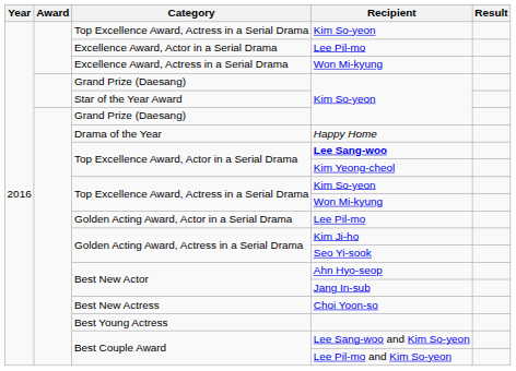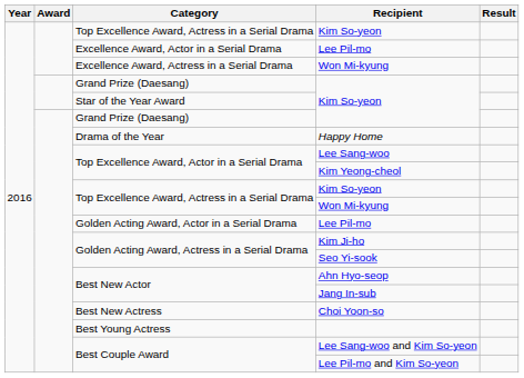 <table class="wikitable">
 <tr>
 <th>Year</th>
 <th>Award</th>
 <th>Category</th>
 <th>Recipient</th>
 <th>Result</th>
 </tr>
 <tr>
 <td rowspan=20>2016</td>
 <td rowspan=3></td>
 <td>Top Excellence Award, Actress in a Serial Drama</td>
 <td><a href='#'>Kim So-yeon</a></td>
 <td></td>
 </tr>
 <tr>
 <td>Excellence Award, Actor in a Serial Drama</td>
 <td><a href='#'>Lee Pil-mo</a></td>
 <td></td>
 </tr>
 <tr>
 <td>Excellence Award, Actress in a Serial Drama</td>
 <td><a href='#'>Won Mi-kyung</a></td>
 <td></td>
 </tr>
 <tr>
 <td rowspan=2></td>
 <td>Grand Prize (Daesang)</td>
 <td rowspan=3><a href='#'>Kim So-yeon</a></td>
 <td></td>
 </tr>
 <tr>
 <td>Star of the Year Award</td>
 <td></td>
 </tr>
 <tr>
 <td rowspan=15></td>
 <td>Grand Prize (Daesang)</td>
 <td></td>
 </tr>
 <tr>
 <td>Drama of the Year</td>
 <td><em>Happy Home</em></td>
 <td></td>
 </tr>
 <tr>
 <td rowspan=2>Top Excellence Award, Actor in a Serial Drama</td>
-<td><strong><a href='#'>Lee Sang-woo</a></strong></td>
+<td><a href='#'>Lee Sang-woo</a></td>
 <td></td>
 </tr>
 <tr>
 <td><a href='#'>Kim Yeong-cheol</a></td>
 <td></td>
 </tr>
 <tr>
 <td rowspan=2>Top Excellence Award, Actress in a Serial Drama</td>
 <td><a href='#'>Kim So-yeon</a></td>
 <td></td>
 </tr>
 <tr>
 <td><a href='#'>Won Mi-kyung</a></td>
 <td></td>
 </tr>
 <tr>
 <td>Golden Acting Award, Actor in a Serial Drama</td>
 <td><a href='#'>Lee Pil-mo</a></td>
 <td></td>
 </tr>
 <tr>
 <td rowspan=2>Golden Acting Award, Actress in a Serial Drama</td>
 <td><a href='#'>Kim Ji-ho</a></td>
 <td></td>
 </tr>
 <tr>
 <td><a href='#'>Seo Yi-sook</a></td>
 <td></td>
 </tr>
 <tr>
 <td rowspan=2>Best New Actor</td>
 <td><a href='#'>Ahn Hyo-seop</a></td>
 <td></td>
 </tr>
 <tr>
 <td><a href='#'>Jang In-sub</a></td>
 <td></td>
 </tr>
 <tr>
 <td>Best New Actress</td>
 <td><a href='#'>Choi Yoon-so</a></td>
 <td></td>
 </tr>
 <tr>
 <td>Best Young Actress</td>
 <td></td>
 <td></td>
 </tr>
 <tr>
 <td rowspan=2>Best Couple Award</td>
 <td><a href='#'>Lee Sang-woo</a> and <a href='#'>Kim So-yeon</a></td>
 <td></td>
 </tr>
 <tr>
 <td><a href='#'>Lee Pil-mo</a> and <a href='#'>Kim So-yeon</a></td>
 <td></td>
 </tr>
 </table>
